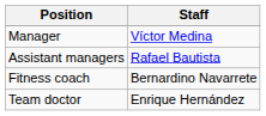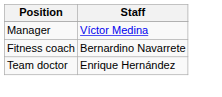 <table class="wikitable">
 <tr>
 <th>Position</th>
 <th>Staff</th>
 </tr>
 <tr>
 </tr>
 <tr>
 <td>Manager</td>
 <td> <a href='#'>Víctor Medina</a></td>
 </tr>
 <tr>
-<td rowspan="1">Assistant managers</td>
-<td> <a href='#'>Rafael Bautista</a></td>
-</tr>
-<tr>
 <td>Fitness coach</td>
 <td> Bernardino Navarrete</td>
 </tr>
 <tr>
 <td>Team doctor</td>
 <td> Enrique Hernández</td>
 </tr>
 </table>
